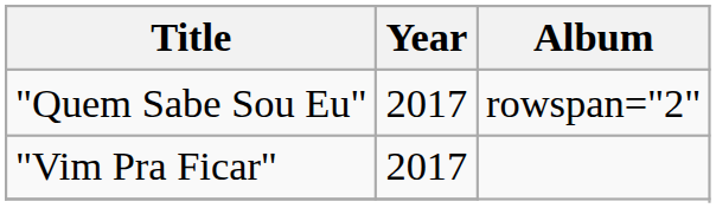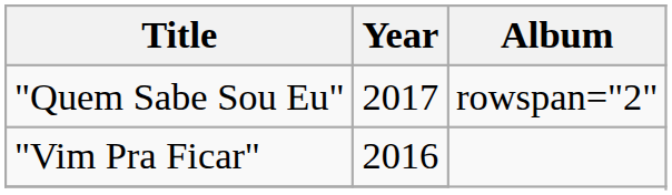 <table class="wikitable">
 <tr>
 <th rowspan="1">Title</th>
 <th rowspan="1">Year</th>
 <th rowspan="1">Album</th>
 </tr>
 <tr>
 <td>"Quem Sabe Sou Eu"</td>
 <td>2017</td>
 <td>rowspan="2" </td>
 </tr>
 <tr>
 <td>"Vim Pra Ficar"</td>
-<td>2017</td>
+<td>2016</td>
 </tr>
 <tr>
 </tr>
 </table>
